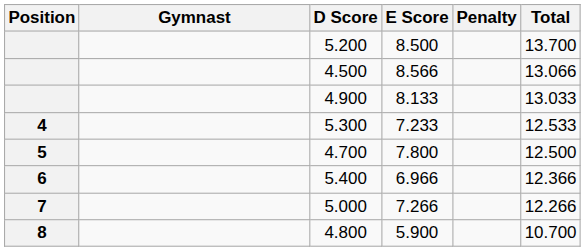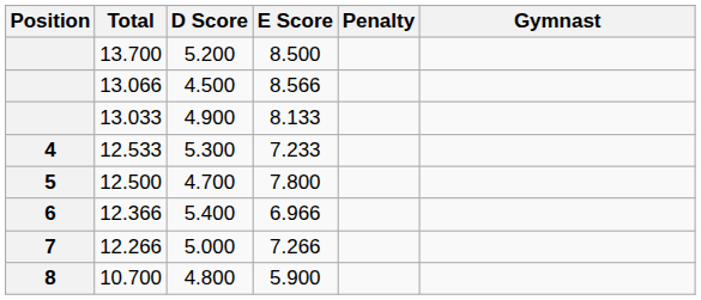 <table class="wikitable sortable" style="text-align:center">
 <tr>
 <th scope=col>Position</th>
-<th scope=col width="210">Gymnast</th>
+<th scope=col>Total</th>
 <th scope=col>D Score</th>
 <th scope=col>E Score</th>
 <th scope=col>Penalty</th>
-<th scope=col>Total</th>
+<th scope=col width="210">Gymnast</th>
 </tr>
 <tr>
 <th scope=row></th>
-<td align="left"></td>
+<td>13.700</td>
 <td>5.200</td>
 <td>8.500</td>
 <td></td>
-<td>13.700</td>
+<td align="left"></td>
 </tr>
 <tr>
 <th scope=row></th>
-<td align="left"></td>
+<td>13.066</td>
 <td>4.500</td>
 <td>8.566</td>
 <td></td>
-<td>13.066</td>
+<td align="left"></td>
 </tr>
 <tr>
 <th scope=row></th>
-<td align="left"></td>
+<td>13.033</td>
 <td>4.900</td>
 <td>8.133</td>
 <td></td>
-<td>13.033</td>
+<td align="left"></td>
 </tr>
 <tr>
 <th scope=row>4</th>
-<td align="left"></td>
+<td>12.533</td>
 <td>5.300</td>
 <td>7.233</td>
 <td></td>
-<td>12.533</td>
+<td align="left"></td>
 </tr>
 <tr>
 <th scope=row>5</th>
-<td align="left"></td>
+<td>12.500</td>
 <td>4.700</td>
 <td>7.800</td>
 <td></td>
-<td>12.500</td>
+<td align="left"></td>
 </tr>
 <tr>
 <th scope=row>6</th>
-<td align="left"></td>
+<td>12.366</td>
 <td>5.400</td>
 <td>6.966</td>
 <td></td>
-<td>12.366</td>
+<td align="left"></td>
 </tr>
 <tr>
 <th scope=row>7</th>
-<td align="left"></td>
+<td>12.266</td>
 <td>5.000</td>
 <td>7.266</td>
 <td></td>
-<td>12.266</td>
+<td align="left"></td>
 </tr>
 <tr>
 <th scope=row>8</th>
-<td align="left"></td>
+<td>10.700</td>
 <td>4.800</td>
 <td>5.900</td>
 <td></td>
-<td>10.700</td>
+<td align="left"></td>
 </tr>
 </table>
